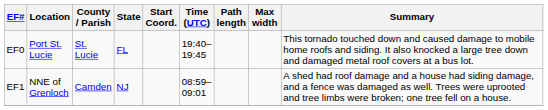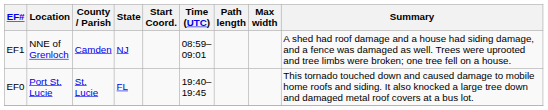 <table class="wikitable sortable" style="width:100%;">
 <tr>
 <th scope="col"  style="width:3%; text-align:center;"><a href='#'>EF#</a></th>
 <th scope="col"  style="width:7%; text-align:center;" class="unsortable">Location</th>
 <th scope="col"  style="width:6%; text-align:center;" class="unsortable">County / Parish</th>
 <th scope="col"  style="width:5%; text-align:center;">State</th>
 <th scope="col"  style="width:6%; text-align:center;">Start Coord.</th>
 <th scope="col"  style="width:6%; text-align:center;">Time (<a href='#'>UTC</a>)</th>
 <th scope="col"  style="width:6%; text-align:center;">Path length</th>
 <th scope="col"  style="width:6%; text-align:center;">Max width</th>
 <th scope="col" class="unsortable" style="width:48%; text-align:center;">Summary</th>
 </tr>
 <tr>
+<td>EF1</td>
+<td>NNE of <a href='#'>Grenloch</a></td>
+<td><a href='#'>Camden</a></td>
+<td><a href='#'>NJ</a></td>
+<td></td>
+<td>08:59–09:01</td>
+<td></td>
+<td></td>
+<td>A shed had roof damage and a house had siding damage, and a fence was damaged as well. Trees were uprooted and tree limbs were broken; one tree fell on a house.</td>
+</tr>
+<tr>
 <td>EF0</td>
 <td><a href='#'>Port St. Lucie</a></td>
 <td><a href='#'>St. Lucie</a></td>
 <td><a href='#'>FL</a></td>
 <td></td>
 <td>19:40–19:45</td>
 <td></td>
 <td></td>
 <td>This tornado touched down and caused damage to mobile home roofs and siding. It also knocked a large tree down and damaged metal roof covers at a bus lot.</td>
 </tr>
 <tr>
-<td>EF1</td>
-<td>NNE of <a href='#'>Grenloch</a></td>
-<td><a href='#'>Camden</a></td>
-<td><a href='#'>NJ</a></td>
-<td></td>
-<td>08:59–09:01</td>
-<td></td>
-<td></td>
-<td>A shed had roof damage and a house had siding damage, and a fence was damaged as well. Trees were uprooted and tree limbs were broken; one tree fell on a house.</td>
-</tr>
-<tr>
 </tr>
 </table>
